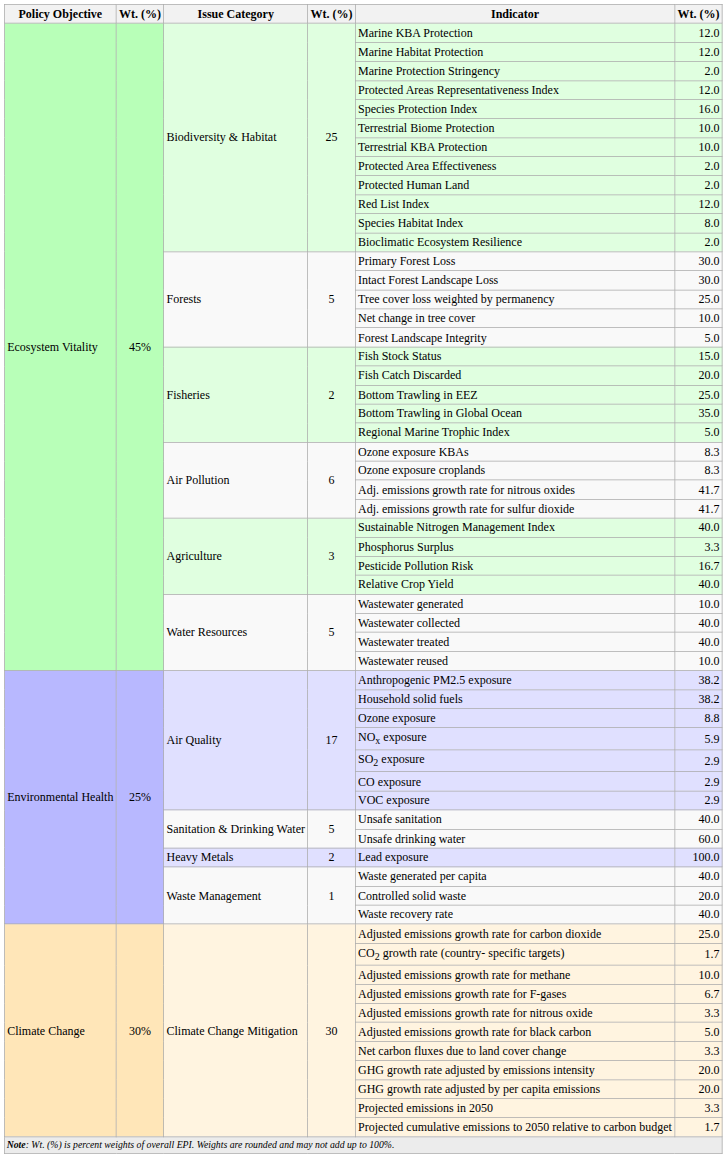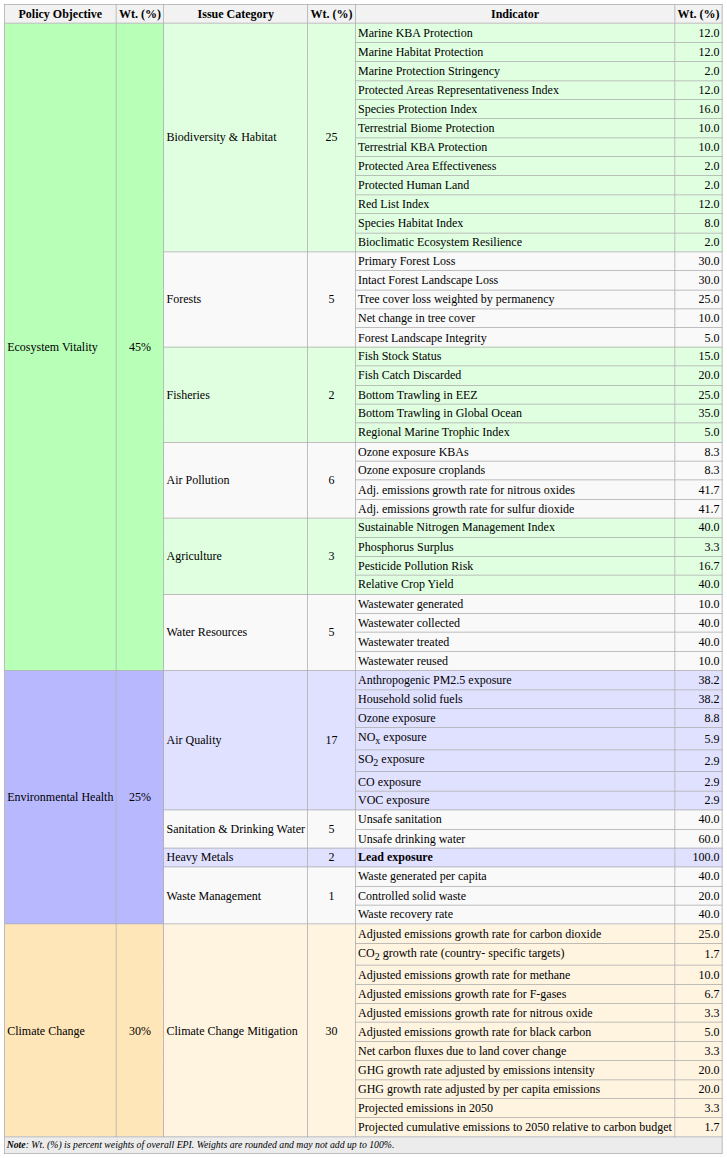 <table class="mw-datatable wikitable" style="text-align:left;">
 <tr>
 <th>Policy Objective</th>
 <th>Wt. (%)</th>
 <th>Issue Category</th>
 <th>Wt. (%)</th>
 <th>Indicator</th>
 <th>Wt. (%)</th>
 </tr>
 <tr style="background-color:#e0ffe0;">
 <td style="background-color:#b8ffb8;" rowspan="34">Ecosystem Vitality</td>
 <td style="background-color:#b8ffb8; text-align:center;" rowspan="34">45%</td>
 <td rowspan="12">Biodiversity & Habitat</td>
 <td rowspan="12" style="text-align:center;">25</td>
 <td>Marine KBA Protection</td>
 <td style="text-align:right;">12.0</td>
 </tr>
 <tr style="background-color:#e0ffe0;">
 <td>Marine Habitat Protection</td>
 <td style="text-align:right;">12.0</td>
 </tr>
 <tr style="background-color:#e0ffe0;">
 <td>Marine Protection Stringency</td>
 <td style="text-align:right;">2.0</td>
 </tr>
 <tr style="background-color:#e0ffe0;">
 <td>Protected Areas Representativeness Index</td>
 <td style="text-align:right;">12.0</td>
 </tr>
 <tr style="background-color:#e0ffe0;">
 <td>Species Protection Index</td>
 <td style="text-align:right;">16.0</td>
 </tr>
 <tr style="background-color:#e0ffe0;">
 <td>Terrestrial Biome Protection</td>
 <td style="text-align:right;">10.0</td>
 </tr>
 <tr style="background-color:#e0ffe0;">
 <td>Terrestrial KBA Protection</td>
 <td style="text-align:right;">10.0</td>
 </tr>
 <tr style="background-color:#e0ffe0;">
 <td>Protected Area Effectiveness</td>
 <td style="text-align:right;">2.0</td>
 </tr>
 <tr style="background-color:#e0ffe0;">
 <td>Protected Human Land</td>
 <td style="text-align:right;">2.0</td>
 </tr>
 <tr style="background-color:#e0ffe0;">
 <td>Red List Index</td>
 <td style="text-align:right;">12.0</td>
 </tr>
 <tr style="background-color:#e0ffe0;">
 <td>Species Habitat Index</td>
 <td style="text-align:right;">8.0</td>
 </tr>
 <tr style="background-color:#e0ffe0;">
 <td>Bioclimatic Ecosystem Resilience</td>
 <td style="text-align:right;">2.0</td>
 </tr>
 <tr>
 <td rowspan="5">Forests</td>
 <td rowspan="5" style="text-align:center;">5</td>
 <td>Primary Forest Loss</td>
 <td style="text-align:right;">30.0</td>
 </tr>
 <tr>
 <td>Intact Forest Landscape Loss</td>
 <td style="text-align:right;">30.0</td>
 </tr>
 <tr>
 <td>Tree cover loss weighted by permanency</td>
 <td style="text-align:right;">25.0</td>
 </tr>
 <tr>
 <td>Net change in tree cover</td>
 <td style="text-align:right;">10.0</td>
 </tr>
 <tr>
 <td>Forest Landscape Integrity</td>
 <td style="text-align:right;">5.0</td>
 </tr>
 <tr style="background-color:#e0ffe0;">
 <td rowspan="5">Fisheries</td>
 <td style="text-align:center;" rowspan="5">2</td>
 <td>Fish Stock Status</td>
 <td style="text-align:right;">15.0</td>
 </tr>
 <tr style="background-color:#e0ffe0;">
 <td>Fish Catch Discarded</td>
 <td style="text-align:right;">20.0</td>
 </tr>
 <tr style="background-color:#e0ffe0;">
 <td>Bottom Trawling in EEZ</td>
 <td style="text-align:right;">25.0</td>
 </tr>
 <tr style="background-color:#e0ffe0;">
 <td>Bottom Trawling in Global Ocean</td>
 <td style="text-align:right;">35.0</td>
 </tr>
 <tr style="background-color:#e0ffe0;">
 <td>Regional Marine Trophic Index</td>
 <td style="text-align:right;">5.0</td>
 </tr>
 <tr>
 <td rowspan="4">Air Pollution</td>
 <td style="text-align:center;" rowspan="4">6</td>
 <td>Ozone exposure KBAs</td>
 <td style="text-align:right;">8.3</td>
 </tr>
 <tr>
 <td>Ozone exposure croplands</td>
 <td style="text-align:right;">8.3</td>
 </tr>
 <tr>
 <td>Adj. emissions growth rate for nitrous oxides</td>
 <td style="text-align:right;">41.7</td>
 </tr>
 <tr>
 <td>Adj. emissions growth rate for sulfur dioxide</td>
 <td style="text-align:right;">41.7</td>
 </tr>
 <tr style="background-color:#e0ffe0;">
 <td rowspan="4">Agriculture</td>
 <td style="text-align:center;" rowspan="4">3</td>
 <td>Sustainable Nitrogen Management Index</td>
 <td style="text-align:right;">40.0</td>
 </tr>
 <tr style="background-color:#e0ffe0;">
 <td>Phosphorus Surplus</td>
 <td style="text-align:right;">3.3</td>
 </tr>
 <tr style="background-color:#e0ffe0;">
 <td>Pesticide Pollution Risk</td>
 <td style="text-align:right;">16.7</td>
 </tr>
 <tr style="background-color:#e0ffe0;">
 <td>Relative Crop Yield</td>
 <td style="text-align:right;">40.0</td>
 </tr>
 <tr>
 <td rowspan="4">Water Resources</td>
 <td style="text-align:center;" rowspan="4">5</td>
 <td>Wastewater generated</td>
 <td style="text-align:right;">10.0</td>
 </tr>
 <tr>
 <td>Wastewater collected</td>
 <td style="text-align:right;">40.0</td>
 </tr>
 <tr>
 <td>Wastewater treated</td>
 <td style="text-align:right;">40.0</td>
 </tr>
 <tr>
 <td>Wastewater reused</td>
 <td style="text-align:right;">10.0</td>
 </tr>
 <tr style="background-color:#e0e0ff;">
 <td style="background-color:#b8b8ff;" rowspan="13">Environmental Health</td>
 <td style="background-color:#b8b8ff; text-align:center;" rowspan="13">25%</td>
 <td rowspan="7">Air Quality</td>
 <td style="text-align:center;" rowspan="7">17</td>
 <td>Anthropogenic PM2.5 exposure</td>
 <td style="text-align:right;">38.2</td>
 </tr>
 <tr style="background-color:#e0e0ff;">
 <td>Household solid fuels</td>
 <td style="text-align:right;">38.2</td>
 </tr>
 <tr style="background-color:#e0e0ff;">
 <td>Ozone exposure</td>
 <td style="text-align:right;">8.8</td>
 </tr>
 <tr style="background-color:#e0e0ff;">
 <td>NO<sub>x</sub> exposure</td>
 <td style="text-align:right;">5.9</td>
 </tr>
 <tr style="background-color:#e0e0ff;">
 <td>SO<sub>2</sub> exposure</td>
 <td style="text-align:right;">2.9</td>
 </tr>
 <tr style="background-color:#e0e0ff;">
 <td>CO exposure</td>
 <td style="text-align:right;">2.9</td>
 </tr>
 <tr style="background-color:#e0e0ff;">
 <td>VOC exposure</td>
 <td style="text-align:right;">2.9</td>
 </tr>
 <tr>
 <td rowspan="2">Sanitation & Drinking Water</td>
 <td style="text-align:center;" rowspan="2">5</td>
 <td>Unsafe sanitation</td>
 <td style="text-align:right;">40.0</td>
 </tr>
 <tr>
 <td>Unsafe drinking water</td>
 <td style="text-align:right;">60.0</td>
 </tr>
 <tr style="background-color:#e0e0ff;">
 <td>Heavy Metals</td>
 <td style="text-align:center;">2</td>
-<td>Lead exposure</td>
+<td><strong>Lead exposure</strong></td>
 <td style="text-align:right;">100.0</td>
 </tr>
 <tr>
 <td rowspan="3">Waste Management</td>
 <td style="text-align:center;" rowspan="3">1</td>
 <td>Waste generated per capita</td>
 <td style="text-align:right;">40.0</td>
 </tr>
 <tr>
 <td>Controlled solid waste</td>
 <td style="text-align:right;">20.0</td>
 </tr>
 <tr>
 <td>Waste recovery rate</td>
 <td style="text-align:right;">40.0</td>
 </tr>
 <tr style="background-color:#fff4e0;">
 <td style="background-color:#ffe6b8;" rowspan="11">Climate Change</td>
 <td style="background-color:#ffe6b8; text-align:center;" rowspan="11">30%</td>
 <td rowspan="11">Climate Change Mitigation</td>
 <td rowspan="11" style="text-align:center;">30</td>
 <td>Adjusted emissions growth rate for carbon dioxide</td>
 <td style="text-align:right;">25.0</td>
 </tr>
 <tr style="background-color:#fff4e0;">
 <td>CO<sub>2</sub> growth rate (country- specific targets)</td>
 <td style="text-align:right;">1.7</td>
 </tr>
 <tr style="background-color:#fff4e0;">
 <td>Adjusted emissions growth rate for methane</td>
 <td style="text-align:right;">10.0</td>
 </tr>
 <tr style="background-color:#fff4e0;">
 <td>Adjusted emissions growth rate for F-gases</td>
 <td style="text-align:right;">6.7</td>
 </tr>
 <tr style="background-color:#fff4e0;">
 <td>Adjusted emissions growth rate for nitrous oxide</td>
 <td style="text-align:right;">3.3</td>
 </tr>
 <tr style="background-color:#fff4e0;">
 <td>Adjusted emissions growth rate for black carbon</td>
 <td style="text-align:right;">5.0</td>
 </tr>
 <tr style="background-color:#fff4e0;">
 <td>Net carbon fluxes due to land cover change</td>
 <td style="text-align:right;">3.3</td>
 </tr>
 <tr style="background-color:#fff4e0;">
 <td>GHG growth rate adjusted by emissions intensity</td>
 <td style="text-align:right;">20.0</td>
 </tr>
 <tr style="background-color:#fff4e0;">
 <td>GHG growth rate adjusted by per capita emissions</td>
 <td style="text-align:right;">20.0</td>
 </tr>
 <tr style="background-color:#fff4e0;">
 <td>Projected emissions in 2050</td>
 <td style="text-align:right;">3.3</td>
 </tr>
 <tr style="background-color:#fff4e0;">
 <td>Projected cumulative emissions to 2050 relative to carbon budget</td>
 <td style="text-align:right;">1.7</td>
 </tr>
 <tr class="sortbottom static-row-header" style="background-color:#ececec; text-align:left; font-style:italic; font-size:small;">
 <td colspan="6" style="text-align:left;"> <strong>Note</strong>: Wt. (%) is percent weights of overall EPI. Weights are rounded and may not add up to 100%.</td>
 </tr>
 </table>
